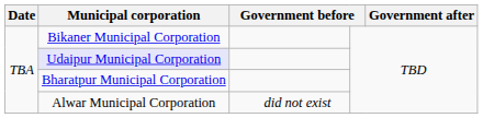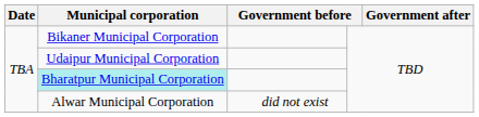 <table class="wikitable sortable"style="text-align:center;">
 <tr>
 <th>Date</th>
 <th>Municipal corporation</th>
 <th colspan="2">Government before</th>
 <th colspan="2">Government after</th>
 </tr>
 <tr>
 <td rowspan="4"><em>TBA</em></td>
 <td><a href='#'>Bikaner Municipal Corporation</a></td>
 <td></td>
 <td Colspan=2 rowspan="4"><em>TBD</em></td>
 </tr>
 <tr>
-<td style="background: lavender;"><a href='#'>Udaipur Municipal Corporation</a></td>
+<td><a href='#'>Udaipur Municipal Corporation</a></td>
 </tr>
 <tr>
-<td><a href='#'>Bharatpur Municipal Corporation</a></td>
+<td style="background: paleturquoise;"><a href='#'>Bharatpur Municipal Corporation</a></td>
 <td></td>
 </tr>
 <tr>
 <td>Alwar Municipal Corporation</td>
 <td colspan=2><em>did not exist</em></td>
 </tr>
 </table>
